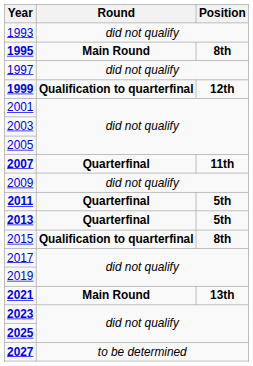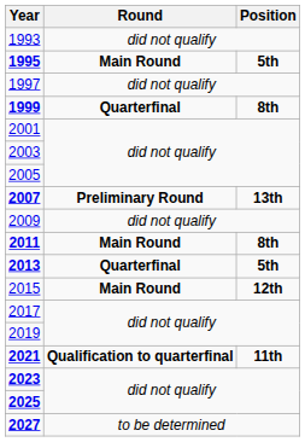 <table class="wikitable" style="text-align: center;">
 <tr>
 <th>Year</th>
 <th>Round</th>
 <th>Position</th>
 </tr>
 <tr>
 <td> <a href='#'>1993</a></td>
 <td colspan="2"><em>did not qualify</em></td>
 </tr>
 <tr>
 <td> <strong><a href='#'>1995</a></strong></td>
 <td><strong>Main Round</strong></td>
-<td><strong>8th</strong></td>
+<td><strong>5th</strong></td>
 </tr>
 <tr>
 <td> <a href='#'>1997</a></td>
 <td colspan="2"><em>did not qualify</em></td>
 </tr>
 <tr>
 <td> <strong><a href='#'>1999</a></strong></td>
-<td><strong>Qualification to quarterfinal</strong></td>
-<td><strong>12th</strong></td>
+<td><strong>Quarterfinal</strong></td>
+<td><strong>8th</strong></td>
 </tr>
 <tr>
 <td> <a href='#'>2001</a></td>
 <td colspan="2" rowspan="3"><em>did not qualify</em></td>
 </tr>
 <tr>
 <td> <a href='#'>2003</a></td>
 </tr>
 <tr>
 <td> <a href='#'>2005</a></td>
 </tr>
 <tr>
 <td> <strong><a href='#'>2007</a></strong></td>
-<td><strong>Quarterfinal</strong></td>
-<td><strong>11th</strong></td>
+<td><strong>Preliminary Round</strong></td>
+<td><strong>13th</strong></td>
 </tr>
 <tr>
 <td> <a href='#'>2009</a></td>
 <td colspan="2"><em>did not qualify</em></td>
 </tr>
 <tr>
 <td> <strong><a href='#'>2011</a></strong></td>
-<td><strong>Quarterfinal</strong></td>
-<td><strong>5th</strong></td>
+<td><strong>Main Round</strong></td>
+<td><strong>8th</strong></td>
 </tr>
 <tr>
 <td> <strong><a href='#'>2013</a></strong></td>
 <td><strong>Quarterfinal</strong></td>
 <td><strong>5th</strong></td>
 </tr>
 <tr>
 <td> <a href='#'>2015</a></td>
-<td><strong>Qualification to quarterfinal</strong></td>
-<td><strong>8th</strong></td>
+<td><strong>Main Round</strong></td>
+<td><strong>12th</strong></td>
 </tr>
 <tr>
 <td> <a href='#'>2017</a></td>
 <td colspan="2" rowspan="2"><em>did not qualify</em></td>
 </tr>
 <tr>
 <td> <a href='#'>2019</a></td>
 </tr>
 <tr>
 <td> <strong><a href='#'>2021</a></strong></td>
-<td><strong>Main Round</strong></td>
-<td><strong>13th</strong></td>
+<td><strong>Qualification to quarterfinal</strong></td>
+<td><strong>11th</strong></td>
 </tr>
 <tr>
 <td> <strong><a href='#'>2023</a></strong></td>
 <td colspan="2" rowspan="2"><em>did not qualify</em></td>
 </tr>
 <tr>
 <td> <strong><a href='#'>2025</a></strong></td>
 </tr>
 <tr>
 <td> <strong><a href='#'>2027</a></strong></td>
 <td colspan="2"><em>to be determined</em></td>
 </tr>
 </table>
